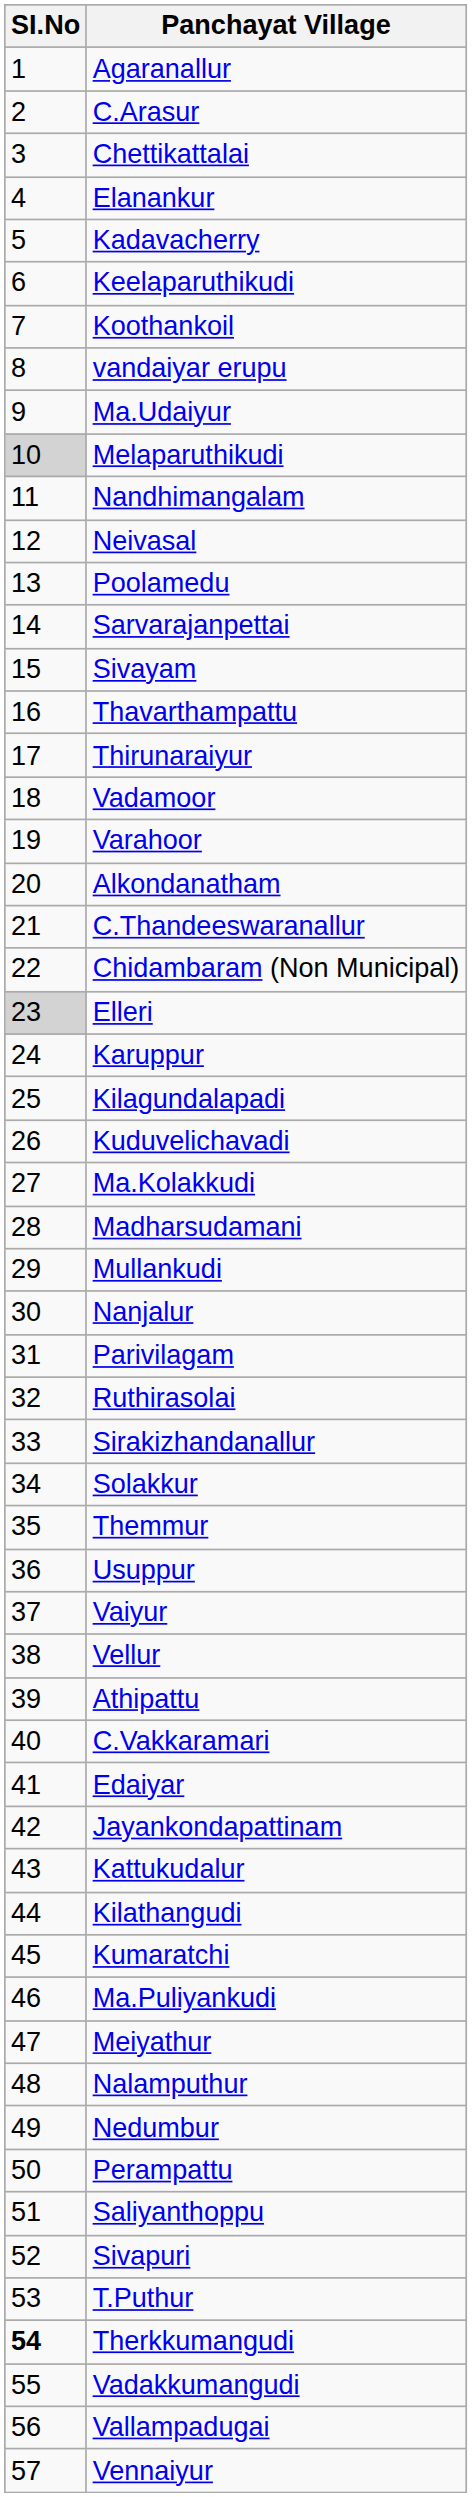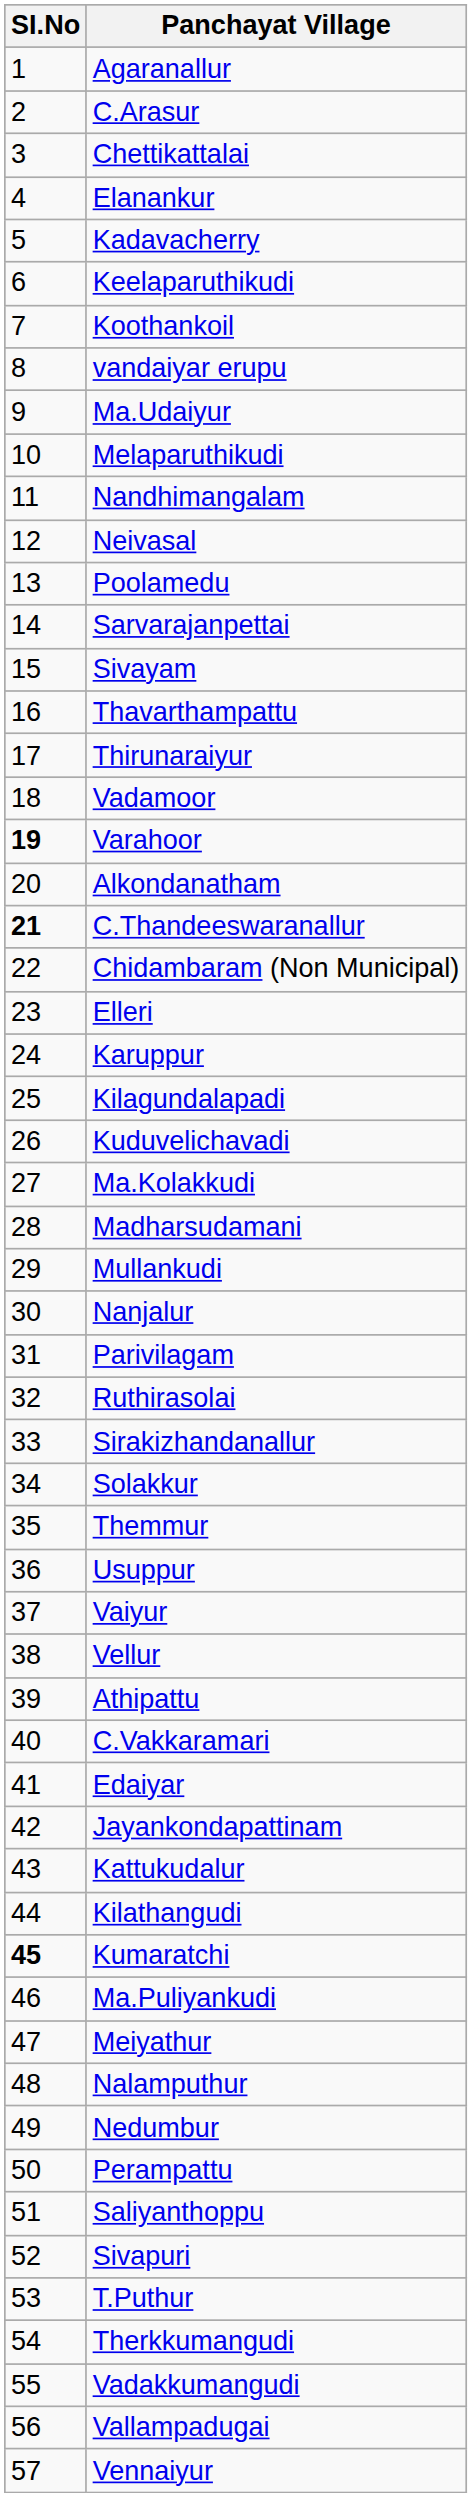 <table class="wikitable sortable">
 <tr>
 <th>SI.No</th>
 <th>Panchayat Village</th>
 </tr>
 <tr>
 <td>1</td>
 <td><a href='#'>Agaranallur</a></td>
 </tr>
 <tr>
 <td>2</td>
 <td><a href='#'>C.Arasur</a></td>
 </tr>
 <tr>
 <td>3</td>
 <td><a href='#'>Chettikattalai</a></td>
 </tr>
 <tr>
 <td>4</td>
 <td><a href='#'>Elanankur</a></td>
 </tr>
 <tr>
 <td>5</td>
 <td><a href='#'>Kadavacherry</a></td>
 </tr>
 <tr>
 <td>6</td>
 <td><a href='#'>Keelaparuthikudi</a></td>
 </tr>
 <tr>
 <td>7</td>
 <td><a href='#'>Koothankoil</a></td>
 </tr>
 <tr>
 <td>8</td>
 <td><a href='#'>vandaiyar erupu</a></td>
 </tr>
 <tr>
 <td>9</td>
 <td><a href='#'>Ma.Udaiyur</a></td>
 </tr>
 <tr>
-<td style="background: lightgrey;">10</td>
+<td>10</td>
 <td><a href='#'>Melaparuthikudi</a></td>
 </tr>
 <tr>
 <td>11</td>
 <td><a href='#'>Nandhimangalam</a></td>
 </tr>
 <tr>
 <td>12</td>
 <td><a href='#'>Neivasal</a></td>
 </tr>
 <tr>
 <td>13</td>
 <td><a href='#'>Poolamedu</a></td>
 </tr>
 <tr>
 <td>14</td>
 <td><a href='#'>Sarvarajanpettai</a></td>
 </tr>
 <tr>
 <td>15</td>
 <td><a href='#'>Sivayam</a></td>
 </tr>
 <tr>
 <td>16</td>
 <td><a href='#'>Thavarthampattu</a></td>
 </tr>
 <tr>
 <td>17</td>
 <td><a href='#'>Thirunaraiyur</a></td>
 </tr>
 <tr>
 <td>18</td>
 <td><a href='#'>Vadamoor</a></td>
 </tr>
 <tr>
-<td>19</td>
+<td><strong>19</strong></td>
 <td><a href='#'>Varahoor</a></td>
 </tr>
 <tr>
 <td>20</td>
 <td><a href='#'>Alkondanatham</a></td>
 </tr>
 <tr>
-<td>21</td>
+<td><strong>21</strong></td>
 <td><a href='#'>C.Thandeeswaranallur</a></td>
 </tr>
 <tr>
 <td>22</td>
 <td><a href='#'>Chidambaram</a> (Non Municipal)</td>
 </tr>
 <tr>
-<td style="background: lightgrey;">23</td>
+<td>23</td>
 <td><a href='#'>Elleri</a></td>
 </tr>
 <tr>
 <td>24</td>
 <td><a href='#'>Karuppur</a></td>
 </tr>
 <tr>
 <td>25</td>
 <td><a href='#'>Kilagundalapadi</a></td>
 </tr>
 <tr>
 <td>26</td>
 <td><a href='#'>Kuduvelichavadi</a></td>
 </tr>
 <tr>
 <td>27</td>
 <td><a href='#'>Ma.Kolakkudi</a></td>
 </tr>
 <tr>
 <td>28</td>
 <td><a href='#'>Madharsudamani</a></td>
 </tr>
 <tr>
 <td>29</td>
 <td><a href='#'>Mullankudi</a></td>
 </tr>
 <tr>
 <td>30</td>
 <td><a href='#'>Nanjalur</a></td>
 </tr>
 <tr>
 <td>31</td>
 <td><a href='#'>Parivilagam</a></td>
 </tr>
 <tr>
 <td>32</td>
 <td><a href='#'>Ruthirasolai</a></td>
 </tr>
 <tr>
 <td>33</td>
 <td><a href='#'>Sirakizhandanallur</a></td>
 </tr>
 <tr>
 <td>34</td>
 <td><a href='#'>Solakkur</a></td>
 </tr>
 <tr>
 <td>35</td>
 <td><a href='#'>Themmur</a></td>
 </tr>
 <tr>
 <td>36</td>
 <td><a href='#'>Usuppur</a></td>
 </tr>
 <tr>
 <td>37</td>
 <td><a href='#'>Vaiyur</a></td>
 </tr>
 <tr>
 <td>38</td>
 <td><a href='#'>Vellur</a></td>
 </tr>
 <tr>
 <td>39</td>
 <td><a href='#'>Athipattu</a></td>
 </tr>
 <tr>
 <td>40</td>
 <td><a href='#'>C.Vakkaramari</a></td>
 </tr>
 <tr>
 <td>41</td>
 <td><a href='#'>Edaiyar</a></td>
 </tr>
 <tr>
 <td>42</td>
 <td><a href='#'>Jayankondapattinam</a></td>
 </tr>
 <tr>
 <td>43</td>
 <td><a href='#'>Kattukudalur</a></td>
 </tr>
 <tr>
 <td>44</td>
 <td><a href='#'>Kilathangudi</a></td>
 </tr>
 <tr>
-<td>45</td>
+<td><strong>45</strong></td>
 <td><a href='#'>Kumaratchi</a></td>
 </tr>
 <tr>
 <td>46</td>
 <td><a href='#'>Ma.Puliyankudi</a></td>
 </tr>
 <tr>
 <td>47</td>
 <td><a href='#'>Meiyathur</a></td>
 </tr>
 <tr>
 <td>48</td>
 <td><a href='#'>Nalamputhur</a></td>
 </tr>
 <tr>
 <td>49</td>
 <td><a href='#'>Nedumbur</a></td>
 </tr>
 <tr>
 <td>50</td>
 <td><a href='#'>Perampattu</a></td>
 </tr>
 <tr>
 <td>51</td>
 <td><a href='#'>Saliyanthoppu</a></td>
 </tr>
 <tr>
 <td>52</td>
 <td><a href='#'>Sivapuri</a></td>
 </tr>
 <tr>
 <td>53</td>
 <td><a href='#'>T.Puthur</a></td>
 </tr>
 <tr>
-<td><strong>54</strong></td>
+<td>54</td>
 <td><a href='#'>Therkkumangudi</a></td>
 </tr>
 <tr>
 <td>55</td>
 <td><a href='#'>Vadakkumangudi</a></td>
 </tr>
 <tr>
 <td>56</td>
 <td><a href='#'>Vallampadugai</a></td>
 </tr>
 <tr>
 <td>57</td>
 <td><a href='#'>Vennaiyur</a></td>
 </tr>
 </table>
